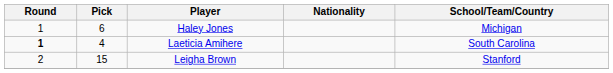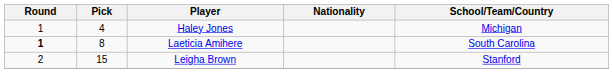 <table class="wikitable" style="text-align:center; width:60em">
 <tr>
 <th>Round</th>
 <th>Pick</th>
 <th>Player</th>
 <th>Nationality</th>
 <th>School/Team/Country</th>
 </tr>
 <tr>
 <td>1</td>
-<td>6</td>
+<td>4</td>
 <td><a href='#'>Haley Jones</a></td>
 <td></td>
 <td><a href='#'>Michigan</a></td>
 </tr>
 <tr>
 <td><strong>1</strong></td>
-<td>4</td>
+<td>8</td>
 <td><a href='#'>Laeticia Amihere</a></td>
 <td></td>
 <td><a href='#'>South Carolina</a></td>
 </tr>
 <tr>
 <td>2</td>
 <td>15</td>
 <td><a href='#'>Leigha Brown</a></td>
 <td></td>
 <td><a href='#'>Stanford</a></td>
 </tr>
 <tr>
 </tr>
 </table>
